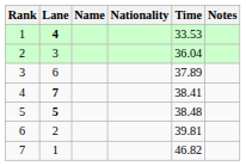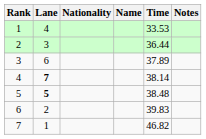 <table class="wikitable sortable" style="text-align:center">
 <tr>
 <th>Rank</th>
 <th>Lane</th>
+<th>Nationality</th>
 <th>Name</th>
-<th>Nationality</th>
 <th>Time</th>
 <th>Notes</th>
 </tr>
 <tr bgcolor=ccffcc>
 <td>1</td>
-<td><strong>4</strong></td>
+<td>4</td>
 <td align=left></td>
 <td align=left></td>
 <td>33.53</td>
 <td><strong></strong> <strong></strong></td>
 </tr>
 <tr bgcolor=ccffcc>
 <td>2</td>
 <td>3</td>
 <td align=left></td>
 <td align=left></td>
-<td>36.04</td>
+<td>36.44</td>
 <td><strong></strong></td>
 </tr>
 <tr>
 <td>3</td>
 <td>6</td>
 <td align=left></td>
 <td align=left></td>
 <td>37.89</td>
 <td></td>
 </tr>
 <tr>
 <td>4</td>
 <td><strong>7</strong></td>
 <td align=left></td>
 <td align=left></td>
-<td>38.41</td>
+<td>38.14</td>
 <td></td>
 </tr>
 <tr>
 <td>5</td>
 <td><strong>5</strong></td>
 <td align=left></td>
 <td align=left></td>
 <td>38.48</td>
 <td></td>
 </tr>
 <tr>
 <td>6</td>
 <td>2</td>
 <td align=left></td>
 <td align=left></td>
-<td>39.81</td>
+<td>39.83</td>
 <td></td>
 </tr>
 <tr>
 <td>7</td>
 <td>1</td>
 <td align=left></td>
 <td align=left></td>
 <td>46.82</td>
 <td></td>
 </tr>
 </table>
